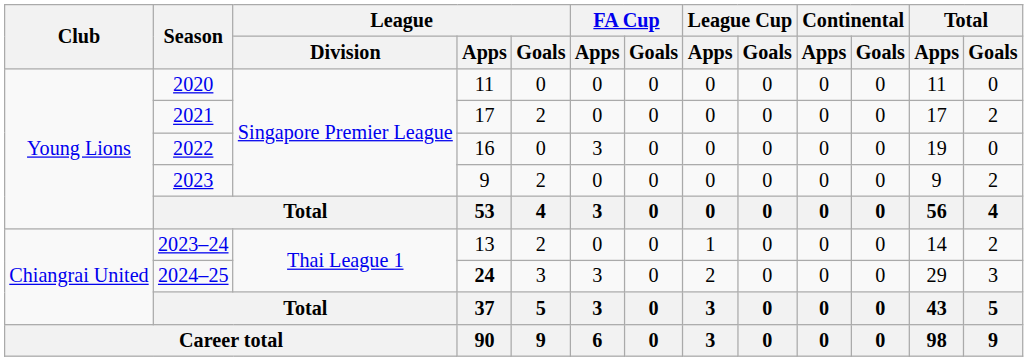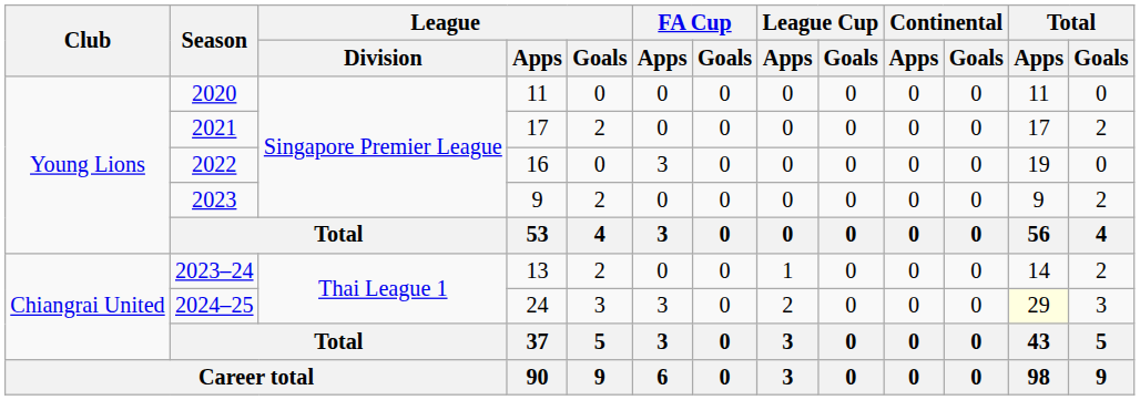 <table class="wikitable" style="text-align: center">
 <tr>
 <th rowspan="2">Club</th>
 <th rowspan="2">Season</th>
 <th colspan="3">League</th>
 <th colspan="2"><a href='#'>FA Cup</a></th>
 <th colspan="2">League Cup</th>
 <th colspan="2">Continental</th>
 <th colspan="2">Total</th>
 </tr>
 <tr>
 <th>Division</th>
 <th>Apps</th>
 <th>Goals</th>
 <th>Apps</th>
 <th>Goals</th>
 <th>Apps</th>
 <th>Goals</th>
 <th>Apps</th>
 <th>Goals</th>
 <th>Apps</th>
 <th>Goals</th>
 </tr>
 <tr>
 <td rowspan="5"><a href='#'>Young Lions</a></td>
 <td><a href='#'>2020</a></td>
 <td rowspan="4"><a href='#'>Singapore Premier League</a></td>
 <td>11</td>
 <td>0</td>
 <td>0</td>
 <td>0</td>
 <td>0</td>
 <td>0</td>
 <td>0</td>
 <td>0</td>
 <td>11</td>
 <td>0</td>
 </tr>
 <tr>
 <td><a href='#'>2021</a></td>
 <td>17</td>
 <td>2</td>
 <td>0</td>
 <td>0</td>
 <td>0</td>
 <td>0</td>
 <td>0</td>
 <td>0</td>
 <td>17</td>
 <td>2</td>
 </tr>
 <tr>
 <td><a href='#'>2022</a></td>
 <td>16</td>
 <td>0</td>
 <td>3</td>
 <td>0</td>
 <td>0</td>
 <td>0</td>
 <td>0</td>
 <td>0</td>
 <td>19</td>
 <td>0</td>
 </tr>
 <tr>
 <td><a href='#'>2023</a></td>
 <td>9</td>
 <td>2</td>
 <td>0</td>
 <td>0</td>
 <td>0</td>
 <td>0</td>
 <td>0</td>
 <td>0</td>
 <td>9</td>
 <td>2</td>
 </tr>
 <tr>
 <th colspan=2>Total</th>
 <th>53</th>
 <th>4</th>
 <th>3</th>
 <th>0</th>
 <th>0</th>
 <th>0</th>
 <th>0</th>
 <th>0</th>
 <th>56</th>
 <th>4</th>
 </tr>
 <tr>
 <td rowspan="3"><a href='#'>Chiangrai United</a></td>
 <td><a href='#'>2023–24</a></td>
 <td rowspan="2"><a href='#'>Thai League 1</a></td>
 <td>13</td>
 <td>2</td>
 <td>0</td>
 <td>0</td>
 <td>1</td>
 <td>0</td>
 <td>0</td>
 <td>0</td>
 <td>14</td>
 <td>2</td>
 </tr>
 <tr>
 <td><a href='#'>2024–25</a></td>
-<td><strong>24</strong></td>
+<td>24</td>
 <td>3</td>
 <td>3</td>
 <td>0</td>
 <td>2</td>
 <td>0</td>
 <td>0</td>
 <td>0</td>
-<td>29</td>
+<td style="background: lightyellow;">29</td>
 <td>3</td>
 </tr>
 <tr>
 <th colspan=2>Total</th>
 <th>37</th>
 <th>5</th>
 <th>3</th>
 <th>0</th>
 <th>3</th>
 <th>0</th>
 <th>0</th>
 <th>0</th>
 <th>43</th>
 <th>5</th>
 </tr>
 <tr>
 <th colspan=3>Career total</th>
 <th>90</th>
 <th>9</th>
 <th>6</th>
 <th>0</th>
 <th>3</th>
 <th>0</th>
 <th>0</th>
 <th>0</th>
 <th>98</th>
 <th>9</th>
 </tr>
 </table>
